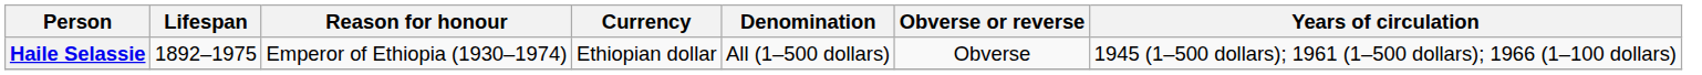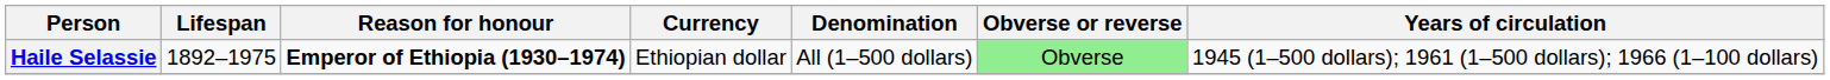 <table class="wikitable" style="font-size:95%; text-align:center;">
 <tr>
 <th>Person</th>
 <th>Lifespan</th>
 <th>Reason for honour</th>
 <th>Currency</th>
 <th>Denomination</th>
 <th>Obverse or reverse</th>
 <th>Years of circulation</th>
 </tr>
 <tr>
 <th><a href='#'>Haile Selassie</a></th>
 <td>1892–1975</td>
-<td>Emperor of Ethiopia (1930–1974)</td>
+<td><strong>Emperor of Ethiopia (1930–1974)</strong></td>
 <td>Ethiopian dollar</td>
 <td>All (1–500 dollars)</td>
-<td>Obverse</td>
+<td style="background: lightgreen;">Obverse</td>
 <td>1945 (1–500 dollars); 1961 (1–500 dollars); 1966 (1–100 dollars)</td>
 </tr>
 <tr>
 </tr>
 </table>
